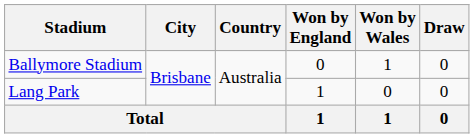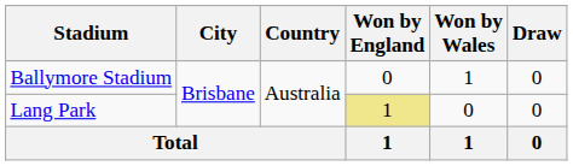 <table class="wikitable">
 <tr>
 <th>Stadium</th>
 <th>City</th>
 <th>Country</th>
 <th>Won by<br>England</th>
 <th>Won by<br>Wales</th>
 <th>Draw</th>
 </tr>
 <tr>
 <td><a href='#'>Ballymore Stadium</a></td>
 <td rowspan=2><a href='#'>Brisbane</a></td>
 <td rowspan=2>Australia</td>
 <td align=center>0</td>
 <td align=center>1</td>
 <td align=center>0</td>
 </tr>
 <tr>
 <td><a href='#'>Lang Park</a></td>
-<td align=center>1</td>
+<td align=center style="background: khaki;">1</td>
 <td align=center>0</td>
 <td align=center>0</td>
 </tr>
 <tr>
 <th colspan=3>Total</th>
 <th align=center>1</th>
 <th align=center>1</th>
 <th align=center>0</th>
 </tr>
 </table>
